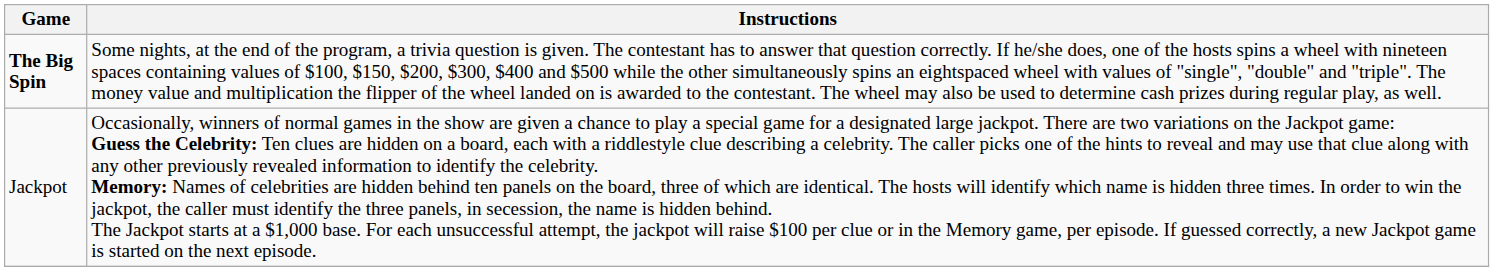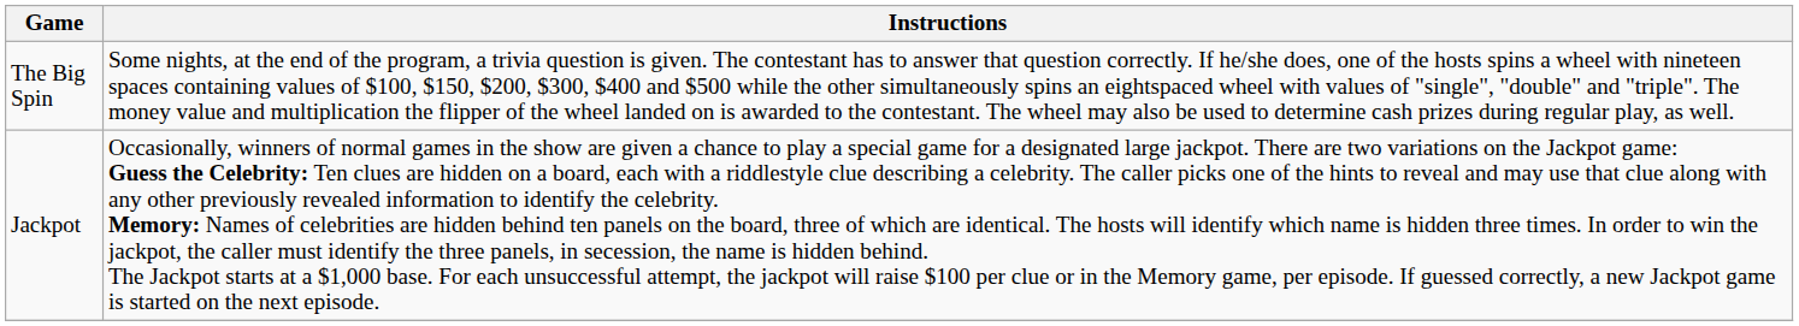 <table class="wikitable">
 <tr>
 <th>Game</th>
 <th>Instructions</th>
 </tr>
 <tr>
-<td><strong>The Big Spin</strong></td>
+<td>The Big Spin</td>
 <td>Some nights, at the end of the program, a trivia question is given. The contestant has to answer that question correctly. If he/she does, one of the hosts spins a wheel with nineteen spaces containing values of $100, $150, $200, $300, $400 and $500 while the other simultaneously spins an eightspaced wheel with values of "single", "double" and "triple". The money value and multiplication the flipper of the wheel landed on is awarded to the contestant. The wheel may also be used to determine cash prizes during regular play, as well.</td>
 </tr>
 <tr>
 <td>Jackpot</td>
 <td>Occasionally, winners of normal games in the show are given a chance to play a special game for a designated large jackpot. There are two variations on the Jackpot game:<br><strong>Guess the Celebrity:</strong> Ten clues are hidden on a board, each with a riddlestyle clue describing a celebrity. The caller picks one of the hints to reveal and may use that clue along with any other previously revealed information to identify the celebrity.<br><strong>Memory:</strong> Names of celebrities are hidden behind ten panels on the board, three of which are identical. The hosts will identify which name is hidden three times. In order to win the jackpot, the caller must identify the three panels, in secession, the name is hidden behind.<br>The Jackpot starts at a $1,000 base. For each unsuccessful attempt, the jackpot will raise $100 per clue or in the Memory game, per episode. If guessed correctly, a new Jackpot game is started on the next episode.</td>
 </tr>
 <tr>
 </tr>
 </table>
